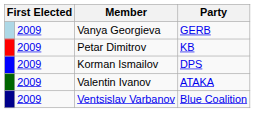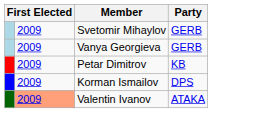 <table class="wikitable">
 <tr>
 <th colspan="2">First Elected</th>
 <th>Member</th>
 <th>Party</th>
+</tr>
+<tr>
+<td style="background-color: lightblue"></td>
+<td><a href='#'>2009</a></td>
+<td>Svetomir Mihaylov</td>
+<td><a href='#'>GERB</a></td>
 </tr>
 <tr>
 <td style="background-color: lightblue"></td>
 <td><a href='#'>2009</a></td>
 <td>Vanya Georgieva</td>
 <td><a href='#'>GERB</a></td>
 </tr>
 <tr>
 <td style="background-color: red"></td>
 <td><a href='#'>2009</a></td>
 <td>Petar Dimitrov</td>
 <td><a href='#'>KB</a></td>
 </tr>
 <tr>
 <td style="background-color: blue"></td>
 <td><a href='#'>2009</a></td>
 <td>Korman Ismailov</td>
 <td><a href='#'>DPS</a></td>
 </tr>
 <tr>
 <td style="background-color: darkgreen"></td>
-<td><a href='#'>2009</a></td>
+<td style="background: lightsalmon;"><a href='#'>2009</a></td>
 <td>Valentin Ivanov</td>
 <td><a href='#'>ATAKA</a></td>
 </tr>
-<tr>
-<td style="background-color: darkblue"></td>
-<td><a href='#'>2009</a></td>
-<td><a href='#'>Ventsislav Varbanov</a></td>
-<td><a href='#'>Blue Coalition</a></td>
-</tr>
 </table>
